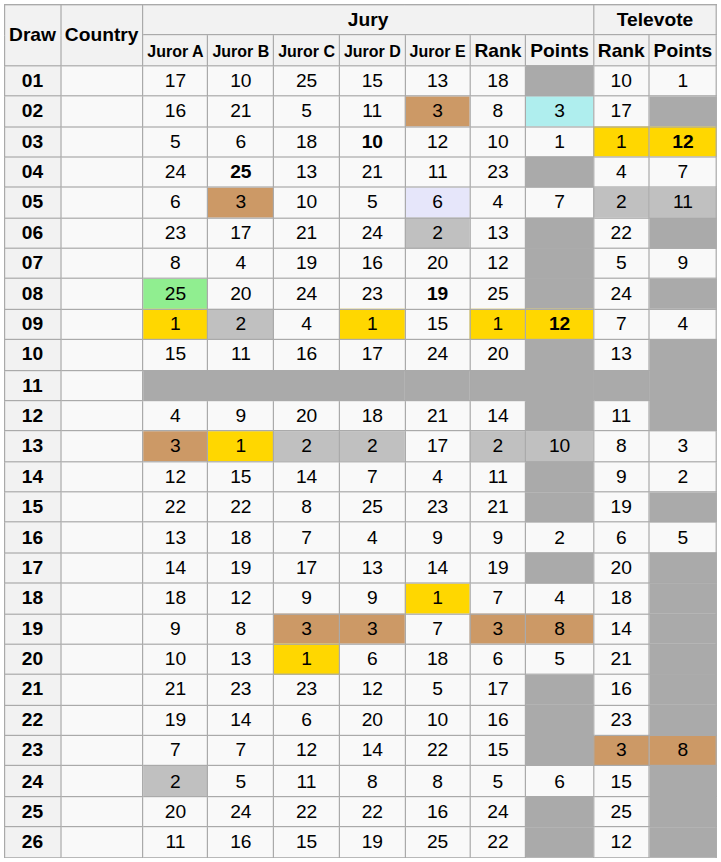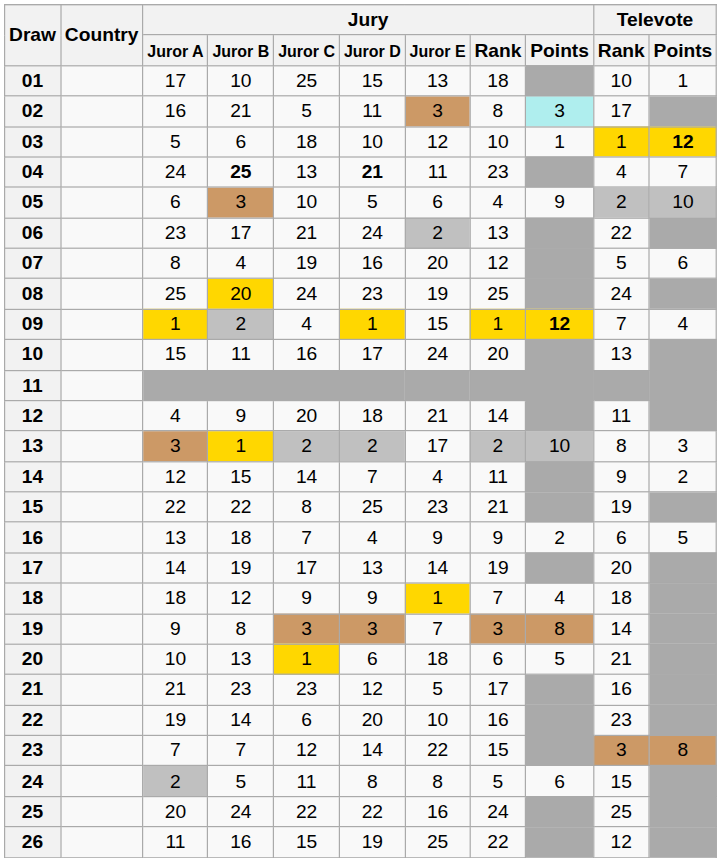 <table class="sortable wikitable collapsible plainrowheaders" style="text-align:center;">
 <tr>
 </tr>
 <tr>
 <th scope="col" rowspan="2">Draw</th>
 <th scope="col" rowspan="2">Country</th>
 <th scope="col" colspan="7">Jury</th>
 <th scope="col" colspan="2">Televote</th>
 </tr>
 <tr>
 <th scope="col"><small>Juror A</small></th>
 <th scope="col"><small>Juror B</small></th>
 <th scope="col"><small>Juror C</small></th>
 <th scope="col"><small>Juror D</small></th>
 <th scope="col"><small>Juror E</small></th>
 <th scope="col">Rank</th>
 <th scope="col" class="unsortable">Points</th>
 <th scope="col">Rank</th>
 <th scope="col" class="unsortable">Points</th>
 </tr>
 <tr>
 <th scope="row" style="text-align:center;">01</th>
 <td style="text-align:left;"></td>
 <td>17</td>
 <td>10</td>
 <td>25</td>
 <td>15</td>
 <td>13</td>
 <td>18</td>
 <td style="background:#AAAAAA;"></td>
 <td>10</td>
 <td>1</td>
 </tr>
 <tr>
 <th scope="row" style="text-align:center;">02</th>
 <td style="text-align:left;"></td>
 <td>16</td>
 <td>21</td>
 <td>5</td>
 <td>11</td>
 <td style="background:#CC9966;">3</td>
 <td>8</td>
 <td style="background: paleturquoise;">3</td>
 <td>17</td>
 <td style="background:#AAAAAA;"></td>
 </tr>
 <tr>
 <th scope="row" style="text-align:center;">03</th>
 <td style="text-align:left;"></td>
 <td>5</td>
 <td>6</td>
 <td>18</td>
-<td><strong>10</strong></td>
+<td>10</td>
 <td>12</td>
 <td>10</td>
 <td>1</td>
 <td style="background:gold;">1</td>
 <td style="background:gold;"><strong>12</strong></td>
 </tr>
 <tr>
 <th scope="row" style="text-align:center;">04</th>
 <td style="text-align:left;"></td>
 <td>24</td>
 <td><strong>25</strong></td>
 <td>13</td>
-<td>21</td>
+<td><strong>21</strong></td>
 <td>11</td>
 <td>23</td>
 <td style="background:#AAAAAA;"></td>
 <td>4</td>
 <td>7</td>
 </tr>
 <tr>
 <th scope="row" style="text-align:center;">05</th>
 <td style="text-align:left;"></td>
 <td>6</td>
 <td style="background:#CC9966;">3</td>
 <td>10</td>
 <td>5</td>
-<td style="background: lavender;">6</td>
+<td>6</td>
 <td>4</td>
-<td>7</td>
+<td>9</td>
 <td style="background:silver;">2</td>
-<td style="background:silver;">11</td>
+<td style="background:silver;">10</td>
 </tr>
 <tr>
 <th scope="row" style="text-align:center;">06</th>
 <td style="text-align:left;"></td>
 <td>23</td>
 <td>17</td>
 <td>21</td>
 <td>24</td>
 <td style="background:silver;">2</td>
 <td>13</td>
 <td style="background:#AAAAAA;"></td>
 <td>22</td>
 <td style="background:#AAAAAA;"></td>
 </tr>
 <tr>
 <th scope="row" style="text-align:center;">07</th>
 <td style="text-align:left;"></td>
 <td>8</td>
 <td>4</td>
 <td>19</td>
 <td>16</td>
 <td>20</td>
 <td>12</td>
 <td style="background:#AAAAAA;"></td>
 <td>5</td>
-<td>9</td>
+<td>6</td>
 </tr>
 <tr>
 <th scope="row" style="text-align:center;">08</th>
 <td style="text-align:left;"></td>
-<td style="background: lightgreen;">25</td>
-<td>20</td>
+<td>25</td>
+<td style="background: gold;">20</td>
 <td>24</td>
 <td>23</td>
-<td><strong>19</strong></td>
+<td>19</td>
 <td>25</td>
 <td style="background:#AAAAAA;"></td>
 <td>24</td>
 <td style="background:#AAAAAA;"></td>
 </tr>
 <tr>
 <th scope="row" style="text-align:center;">09</th>
 <td style="text-align:left;"></td>
 <td style="background:gold;">1</td>
 <td style="background:silver;">2</td>
 <td>4</td>
 <td style="background:gold;">1</td>
 <td>15</td>
 <td style="background:gold;">1</td>
 <td style="background:gold;"><strong>12</strong></td>
 <td>7</td>
 <td>4</td>
 </tr>
 <tr>
 <th scope="row" style="text-align:center;">10</th>
 <td style="text-align:left;"></td>
 <td>15</td>
 <td>11</td>
 <td>16</td>
 <td>17</td>
 <td>24</td>
 <td>20</td>
 <td style="background:#AAAAAA;"></td>
 <td>13</td>
 <td style="background:#AAAAAA;"></td>
 </tr>
 <tr class=sortbottom>
 <th scope="row" style="text-align:center;">11</th>
 <td style="text-align:left;"></td>
 <td style="background:#AAAAAA;"></td>
 <td style="background:#AAAAAA;"></td>
 <td style="background:#AAAAAA;"></td>
 <td style="background:#AAAAAA;"></td>
 <td style="background:#AAAAAA;"></td>
 <td style="background:#AAAAAA;"></td>
 <td style="background:#AAAAAA;"></td>
 <td style="background:#AAAAAA;"></td>
 <td style="background:#AAAAAA;"></td>
 </tr>
 <tr>
 <th scope="row" style="text-align:center;">12</th>
 <td style="text-align:left;"></td>
 <td>4</td>
 <td>9</td>
 <td>20</td>
 <td>18</td>
 <td>21</td>
 <td>14</td>
 <td style="background:#AAAAAA;"></td>
 <td>11</td>
 <td style="background:#AAAAAA;"></td>
 </tr>
 <tr>
 <th scope="row" style="text-align:center;">13</th>
 <td style="text-align:left;"></td>
 <td style="background:#CC9966;">3</td>
 <td style="background:gold;">1</td>
 <td style="background:silver;">2</td>
 <td style="background:silver;">2</td>
 <td>17</td>
 <td style="background:silver;">2</td>
 <td style="background:silver;">10</td>
 <td>8</td>
 <td>3</td>
 </tr>
 <tr>
 <th scope="row" style="text-align:center;">14</th>
 <td style="text-align:left;"></td>
 <td>12</td>
 <td>15</td>
 <td>14</td>
 <td>7</td>
 <td>4</td>
 <td>11</td>
 <td style="background:#AAAAAA;"></td>
 <td>9</td>
 <td>2</td>
 </tr>
 <tr>
 <th scope="row" style="text-align:center;">15</th>
 <td style="text-align:left;"></td>
 <td>22</td>
 <td>22</td>
 <td>8</td>
 <td>25</td>
 <td>23</td>
 <td>21</td>
 <td style="background:#AAAAAA;"></td>
 <td>19</td>
 <td style="background:#AAAAAA;"></td>
 </tr>
 <tr>
 <th scope="row" style="text-align:center;">16</th>
 <td style="text-align:left;"></td>
 <td>13</td>
 <td>18</td>
 <td>7</td>
 <td>4</td>
 <td>9</td>
 <td>9</td>
 <td>2</td>
 <td>6</td>
 <td>5</td>
 </tr>
 <tr>
 <th scope="row" style="text-align:center;">17</th>
 <td style="text-align:left;"></td>
 <td>14</td>
 <td>19</td>
 <td>17</td>
 <td>13</td>
 <td>14</td>
 <td>19</td>
 <td style="background:#AAAAAA;"></td>
 <td>20</td>
 <td style="background:#AAAAAA;"></td>
 </tr>
 <tr>
 <th scope="row" style="text-align:center;">18</th>
 <td style="text-align:left;"></td>
 <td>18</td>
 <td>12</td>
 <td>9</td>
 <td>9</td>
 <td style="background:gold;">1</td>
 <td>7</td>
 <td>4</td>
 <td>18</td>
 <td style="background:#AAAAAA;"></td>
 </tr>
 <tr>
 <th scope="row" style="text-align:center;">19</th>
 <td style="text-align:left;"></td>
 <td>9</td>
 <td>8</td>
 <td style="background:#CC9966;">3</td>
 <td style="background:#CC9966;">3</td>
 <td>7</td>
 <td style="background:#CC9966;">3</td>
 <td style="background:#CC9966;">8</td>
 <td>14</td>
 <td style="background:#AAAAAA;"></td>
 </tr>
 <tr>
 <th scope="row" style="text-align:center;">20</th>
 <td style="text-align:left;"></td>
 <td>10</td>
 <td>13</td>
 <td style="background:gold;">1</td>
 <td>6</td>
 <td>18</td>
 <td>6</td>
 <td>5</td>
 <td>21</td>
 <td style="background:#AAAAAA;"></td>
 </tr>
 <tr>
 <th scope="row" style="text-align:center;">21</th>
 <td style="text-align:left;"></td>
 <td>21</td>
 <td>23</td>
 <td>23</td>
 <td>12</td>
 <td>5</td>
 <td>17</td>
 <td style="background:#AAAAAA;"></td>
 <td>16</td>
 <td style="background:#AAAAAA;"></td>
 </tr>
 <tr>
 <th scope="row" style="text-align:center;">22</th>
 <td style="text-align:left;"></td>
 <td>19</td>
 <td>14</td>
 <td>6</td>
 <td>20</td>
 <td>10</td>
 <td>16</td>
 <td style="background:#AAAAAA;"></td>
 <td>23</td>
 <td style="background:#AAAAAA;"></td>
 </tr>
 <tr>
 <th scope="row" style="text-align:center;">23</th>
 <td style="text-align:left;"></td>
 <td>7</td>
 <td>7</td>
 <td>12</td>
 <td>14</td>
 <td>22</td>
 <td>15</td>
 <td style="background:#AAAAAA;"></td>
 <td style="background:#CC9966;">3</td>
 <td style="background:#CC9966;">8</td>
 </tr>
 <tr>
 <th scope="row" style="text-align:center;">24</th>
 <td style="text-align:left;"></td>
 <td style="background:silver;">2</td>
 <td>5</td>
 <td>11</td>
 <td>8</td>
 <td>8</td>
 <td>5</td>
 <td>6</td>
 <td>15</td>
 <td style="background:#AAAAAA;"></td>
 </tr>
 <tr>
 <th scope="row" style="text-align:center;">25</th>
 <td style="text-align:left;"></td>
 <td>20</td>
 <td>24</td>
 <td>22</td>
 <td>22</td>
 <td>16</td>
 <td>24</td>
 <td style="background:#AAAAAA;"></td>
 <td>25</td>
 <td style="background:#AAAAAA;"></td>
 </tr>
 <tr>
 <th scope="row" style="text-align:center;">26</th>
 <td style="text-align:left;"></td>
 <td>11</td>
 <td>16</td>
 <td>15</td>
 <td>19</td>
 <td>25</td>
 <td>22</td>
 <td style="background:#AAAAAA;"></td>
 <td>12</td>
 <td style="background:#AAAAAA;"></td>
 </tr>
 </table>
